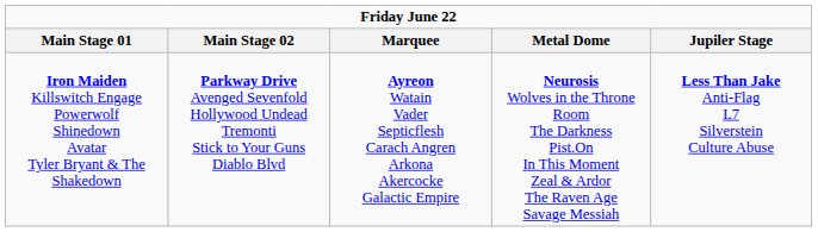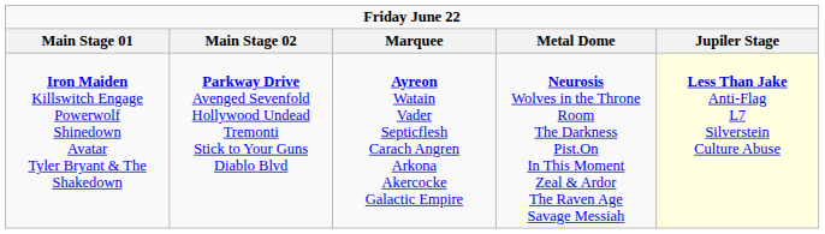 <table class="wikitable">
 <tr>
 <td colspan="5" style="text-align:center;"><strong>Friday June 22</strong></td>
 </tr>
 <tr>
 <th>Main Stage 01</th>
 <th>Main Stage 02</th>
 <th>Marquee</th>
 <th>Metal Dome</th>
 <th>Jupiler Stage</th>
 </tr>
 <tr>
 <td style="text-align:center; vertical-align:top; width:200px;"><br><strong><a href='#'>Iron Maiden</a></strong> <br> <a href='#'>Killswitch Engage</a> <br> <a href='#'>Powerwolf</a> <br> <a href='#'>Shinedown</a> <br> <a href='#'>Avatar</a> <br> <a href='#'>Tyler Bryant & The Shakedown</a></td>
 <td style="text-align:center; vertical-align:top; width:200px;"><br><strong><a href='#'>Parkway Drive</a></strong> <br> <a href='#'>Avenged Sevenfold</a> <br> <a href='#'>Hollywood Undead</a> <br> <a href='#'>Tremonti</a> <br> <a href='#'>Stick to Your Guns</a> <br> <a href='#'>Diablo Blvd</a></td>
 <td style="text-align:center; vertical-align:top; width:200px;"><br><strong><a href='#'>Ayreon</a></strong> <br> <a href='#'>Watain</a> <br> <a href='#'>Vader</a> <br> <a href='#'>Septicflesh</a> <br> <a href='#'>Carach Angren</a> <br> <a href='#'>Arkona</a> <br> <a href='#'>Akercocke</a> <br> <a href='#'>Galactic Empire</a></td>
 <td style="text-align:center; vertical-align:top; width:200px;"><br><strong><a href='#'>Neurosis</a></strong> <br> <a href='#'>Wolves in the Throne Room</a> <br> <a href='#'>The Darkness</a> <br> <a href='#'>Pist.On</a> <br> <a href='#'>In This Moment</a> <br> <a href='#'>Zeal & Ardor</a> <br> <a href='#'>The Raven Age</a> <br> <a href='#'>Savage Messiah</a></td>
-<td style="text-align:center; vertical-align:top; width:200px;"><br><strong><a href='#'>Less Than Jake</a></strong> <br> <a href='#'>Anti-Flag</a> <br> <a href='#'>L7</a> <br> <a href='#'>Silverstein</a> <br> <a href='#'>Culture Abuse</a></td>
+<td style="background: lightyellow; text-align:center; vertical-align:top; width:200px;"><br><strong><a href='#'>Less Than Jake</a></strong> <br> <a href='#'>Anti-Flag</a> <br> <a href='#'>L7</a> <br> <a href='#'>Silverstein</a> <br> <a href='#'>Culture Abuse</a></td>
 </tr>
 </table>
